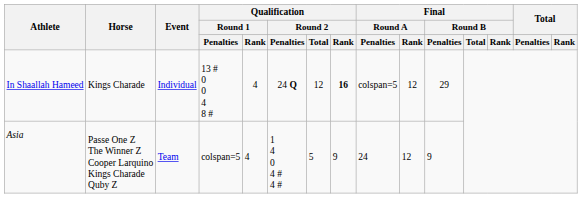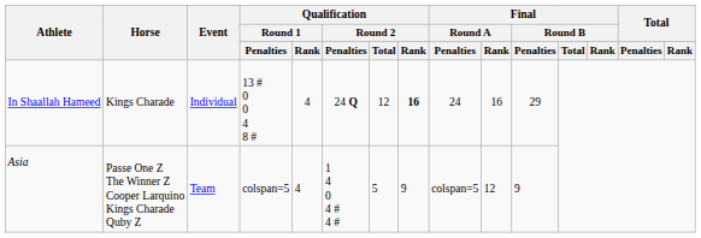 <table class="wikitable" style="font-size:90%">
 <tr>
 <th rowspan="3">Athlete</th>
 <th rowspan="3">Horse</th>
 <th rowspan="3">Event</th>
 <th colspan="5">Qualification</th>
 <th colspan="5">Final</th>
 <th rowspan=2 colspan="2">Total</th>
 </tr>
 <tr style="font-size:95%">
 <th colspan="2">Round 1</th>
 <th colspan="3">Round 2</th>
 <th colspan="2">Round A</th>
 <th colspan="3">Round B</th>
 </tr>
 <tr style="font-size:95%">
 <th>Penalties</th>
 <th>Rank</th>
 <th>Penalties</th>
 <th>Total</th>
 <th>Rank</th>
 <th>Penalties</th>
 <th>Rank</th>
 <th>Penalties</th>
 <th>Total</th>
 <th>Rank</th>
 <th>Penalties</th>
 <th>Rank</th>
 </tr>
 <tr align=center>
 <td align=left><a href='#'>In Shaallah Hameed</a></td>
 <td align=left>Kings Charade</td>
 <td align=left rowspan=1><a href='#'>Individual</a></td>
 <td align=left><br>13 #<br>0<br>0<br>4<br>8 #</td>
 <td>4</td>
 <td>24 <strong>Q</strong></td>
 <td>12</td>
 <td><strong>16</strong></td>
-<td>colspan=5 </td>
-<td>12</td>
+<td>24</td>
+<td>16</td>
 <td>29</td>
 </tr>
 <tr align=left>
 <td rowspan=5 align=left><em>Asia</em><br> <br><br><br><br></td>
 <td align=left><br>Passe One Z<br>The Winner Z<br>Cooper Larquino<br>Kings Charade<br>Quby Z</td>
 <td align=left><a href='#'>Team</a></td>
 <td>colspan=5 </td>
 <td>4</td>
 <td align=left><br>1<br>4 <br>0<br>4 #<br>4 #</td>
 <td>5</td>
 <td>9</td>
-<td>24</td>
+<td>colspan=5 </td>
 <td>12</td>
 <td>9</td>
 </tr>
 </table>
